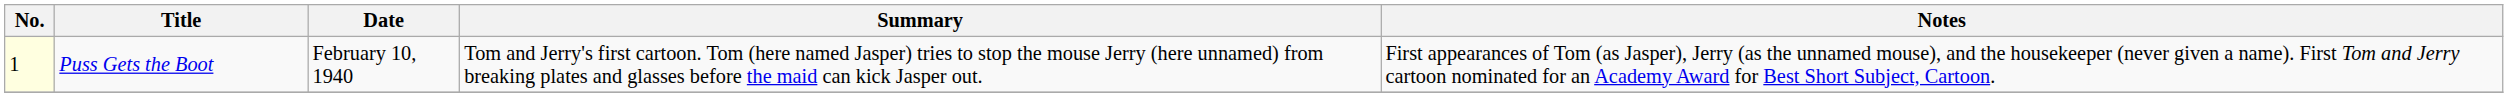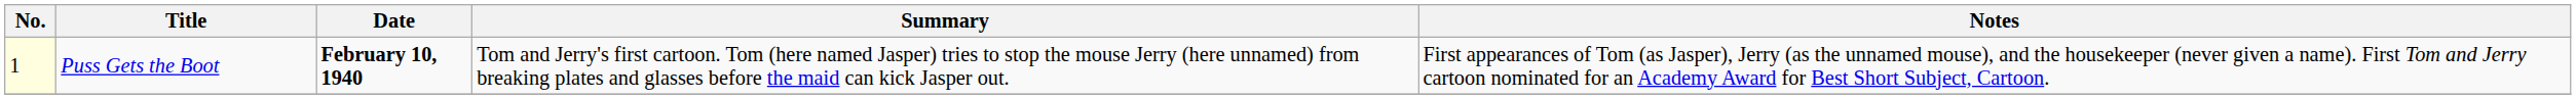 <table class="wikitable">
 <tr>
 <th style="width:2em">No.</th>
 <th style="width:12em">Title</th>
 <th style="width:7em">Date</th>
 <th>Summary</th>
 <th>Notes</th>
 </tr>
 <tr>
 <td style="background: lightyellow;">1</td>
 <td><em><a href='#'>Puss Gets the Boot</a></em></td>
-<td>February 10, 1940</td>
+<td><strong>February 10, 1940</strong></td>
 <td>Tom and Jerry's first cartoon. Tom (here named Jasper) tries to stop the mouse Jerry (here unnamed) from breaking plates and glasses before <a href='#'>the maid</a> can kick Jasper out.</td>
 <td>First appearances of Tom (as Jasper), Jerry (as the unnamed mouse), and the housekeeper (never given a name). First <em>Tom and Jerry</em> cartoon nominated for an <a href='#'>Academy Award</a> for <a href='#'>Best Short Subject, Cartoon</a>.</td>
 </tr>
 <tr>
 </tr>
 </table>
